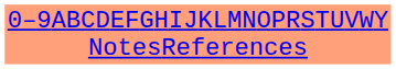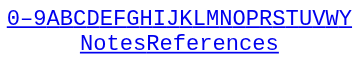 <table id="toc" class="toc" summary="Class" align="center">
 <tr>
 <th></th>
 </tr>
 <tr>
-<td style="background: lightsalmon; text-align:center;"><a href='#'>0–9</a><a href='#'>A</a><a href='#'>B</a><a href='#'>C</a><a href='#'>D</a><a href='#'>E</a><a href='#'>F</a><a href='#'>G</a><a href='#'>H</a><a href='#'>I</a><a href='#'>J</a><a href='#'>K</a><a href='#'>L</a><a href='#'>M</a><a href='#'>N</a><a href='#'>O</a><a href='#'>P</a><a href='#'>R</a><a href='#'>S</a><a href='#'>T</a><a href='#'>U</a><a href='#'>V</a><a href='#'>W</a><a href='#'>Y</a><br><a href='#'>Notes</a><a href='#'>References</a></td>
+<td style="text-align:center;"><a href='#'>0–9</a><a href='#'>A</a><a href='#'>B</a><a href='#'>C</a><a href='#'>D</a><a href='#'>E</a><a href='#'>F</a><a href='#'>G</a><a href='#'>H</a><a href='#'>I</a><a href='#'>J</a><a href='#'>K</a><a href='#'>L</a><a href='#'>M</a><a href='#'>N</a><a href='#'>O</a><a href='#'>P</a><a href='#'>R</a><a href='#'>S</a><a href='#'>T</a><a href='#'>U</a><a href='#'>V</a><a href='#'>W</a><a href='#'>Y</a><br><a href='#'>Notes</a><a href='#'>References</a></td>
 </tr>
 </table>
